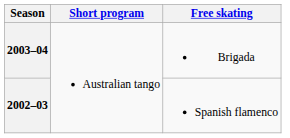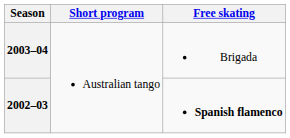 <table class=wikitable style=text-align:center>
 <tr>
 <th>Season</th>
 <th><a href='#'>Short program</a></th>
 <th><a href='#'>Free skating</a></th>
 </tr>
 <tr>
 <th>2003–04 <br> </th>
 <td rowspan=2><br><ul><li>Australian tango</li></ul></td>
 <td><br><ul><li>Brigada</li></ul></td>
 </tr>
 <tr>
 <th>2002–03 <br> </th>
-<td><br><ul><li>Spanish flamenco</li></ul></td>
+<td><strong><br><ul><li>Spanish flamenco</li></ul></strong></td>
 </tr>
 </table>
